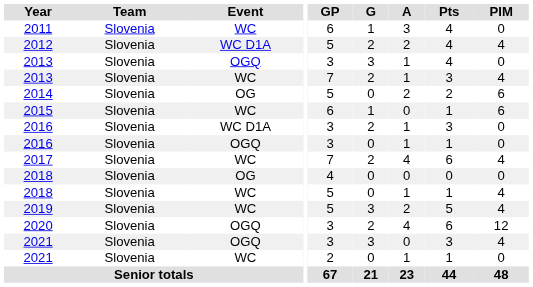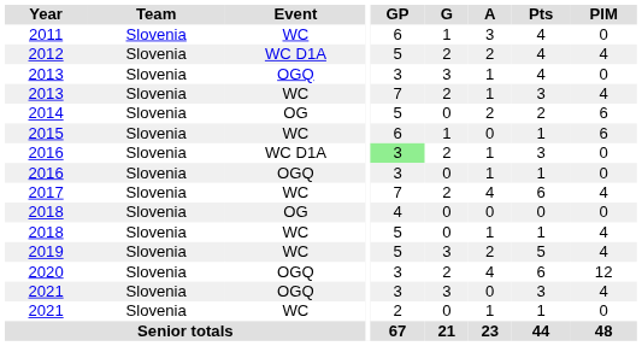 <table border="0" cellpadding="1" cellspacing="0" ID="Table3" style="text-align:center; width:40em">
 <tr ALIGN="center" bgcolor="#e0e0e0">
 <th>Year</th>
 <th>Team</th>
 <th>Event</th>
 <th rowspan="102" bgcolor="#ffffff"></th>
 <th>GP</th>
 <th>G</th>
 <th>A</th>
 <th>Pts</th>
 <th>PIM</th>
 </tr>
 <tr>
 <td><a href='#'>2011</a></td>
 <td><a href='#'>Slovenia</a></td>
 <td><a href='#'>WC</a></td>
 <td>6</td>
 <td>1</td>
 <td>3</td>
 <td>4</td>
 <td>0</td>
 </tr>
 <tr bgcolor="#f0f0f0">
 <td><a href='#'>2012</a></td>
 <td>Slovenia</td>
 <td><a href='#'>WC D1A</a></td>
 <td>5</td>
 <td>2</td>
 <td>2</td>
 <td>4</td>
 <td>4</td>
 </tr>
 <tr>
 <td><a href='#'>2013</a></td>
 <td>Slovenia</td>
 <td><a href='#'>OGQ</a></td>
 <td>3</td>
 <td>3</td>
 <td>1</td>
 <td>4</td>
 <td>0</td>
 </tr>
 <tr bgcolor="#f0f0f0">
 <td><a href='#'>2013</a></td>
 <td>Slovenia</td>
 <td>WC</td>
 <td>7</td>
 <td>2</td>
 <td>1</td>
 <td>3</td>
 <td>4</td>
 </tr>
 <tr>
 <td><a href='#'>2014</a></td>
 <td>Slovenia</td>
 <td>OG</td>
 <td>5</td>
 <td>0</td>
 <td>2</td>
 <td>2</td>
 <td>6</td>
 </tr>
 <tr bgcolor="#f0f0f0">
 <td><a href='#'>2015</a></td>
 <td>Slovenia</td>
 <td>WC</td>
 <td>6</td>
 <td>1</td>
 <td>0</td>
 <td>1</td>
 <td>6</td>
 </tr>
 <tr>
 <td><a href='#'>2016</a></td>
 <td>Slovenia</td>
 <td>WC D1A</td>
-<td>3</td>
+<td style="background: lightgreen;">3</td>
 <td>2</td>
 <td>1</td>
 <td>3</td>
 <td>0</td>
 </tr>
 <tr bgcolor="#f0f0f0">
 <td><a href='#'>2016</a></td>
 <td>Slovenia</td>
 <td>OGQ</td>
 <td>3</td>
 <td>0</td>
 <td>1</td>
 <td>1</td>
 <td>0</td>
 </tr>
 <tr>
 <td><a href='#'>2017</a></td>
 <td>Slovenia</td>
 <td>WC</td>
 <td>7</td>
 <td>2</td>
 <td>4</td>
 <td>6</td>
 <td>4</td>
 </tr>
 <tr bgcolor="#f0f0f0">
 <td><a href='#'>2018</a></td>
 <td>Slovenia</td>
 <td>OG</td>
 <td>4</td>
 <td>0</td>
 <td>0</td>
 <td>0</td>
 <td>0</td>
 </tr>
 <tr>
 <td><a href='#'>2018</a></td>
 <td>Slovenia</td>
 <td>WC</td>
 <td>5</td>
 <td>0</td>
 <td>1</td>
 <td>1</td>
 <td>4</td>
 </tr>
 <tr bgcolor="#f0f0f0">
 <td><a href='#'>2019</a></td>
 <td>Slovenia</td>
 <td>WC</td>
 <td>5</td>
 <td>3</td>
 <td>2</td>
 <td>5</td>
 <td>4</td>
 </tr>
 <tr>
 <td><a href='#'>2020</a></td>
 <td>Slovenia</td>
 <td>OGQ</td>
 <td>3</td>
 <td>2</td>
 <td>4</td>
 <td>6</td>
 <td>12</td>
 </tr>
 <tr bgcolor="#f0f0f0">
 <td><a href='#'>2021</a></td>
 <td>Slovenia</td>
 <td>OGQ</td>
 <td>3</td>
 <td>3</td>
 <td>0</td>
 <td>3</td>
 <td>4</td>
 </tr>
 <tr>
 <td><a href='#'>2021</a></td>
 <td>Slovenia</td>
 <td>WC</td>
 <td>2</td>
 <td>0</td>
 <td>1</td>
 <td>1</td>
 <td>0</td>
 </tr>
 <tr bgcolor="#e0e0e0">
 <th colspan=3>Senior totals</th>
 <th>67</th>
 <th>21</th>
 <th>23</th>
 <th>44</th>
 <th>48</th>
 </tr>
 </table>
